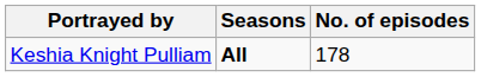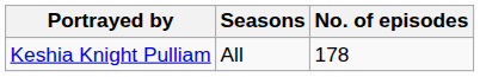 <table class="wikitable" style="text-align:justify;">
 <tr>
 <th>Portrayed by</th>
 <th>Seasons</th>
 <th>No. of episodes</th>
 </tr>
 <tr>
 <td><a href='#'>Keshia Knight Pulliam</a></td>
-<td><strong>All</strong></td>
+<td>All</td>
 <td>178</td>
 </tr>
 </table>
